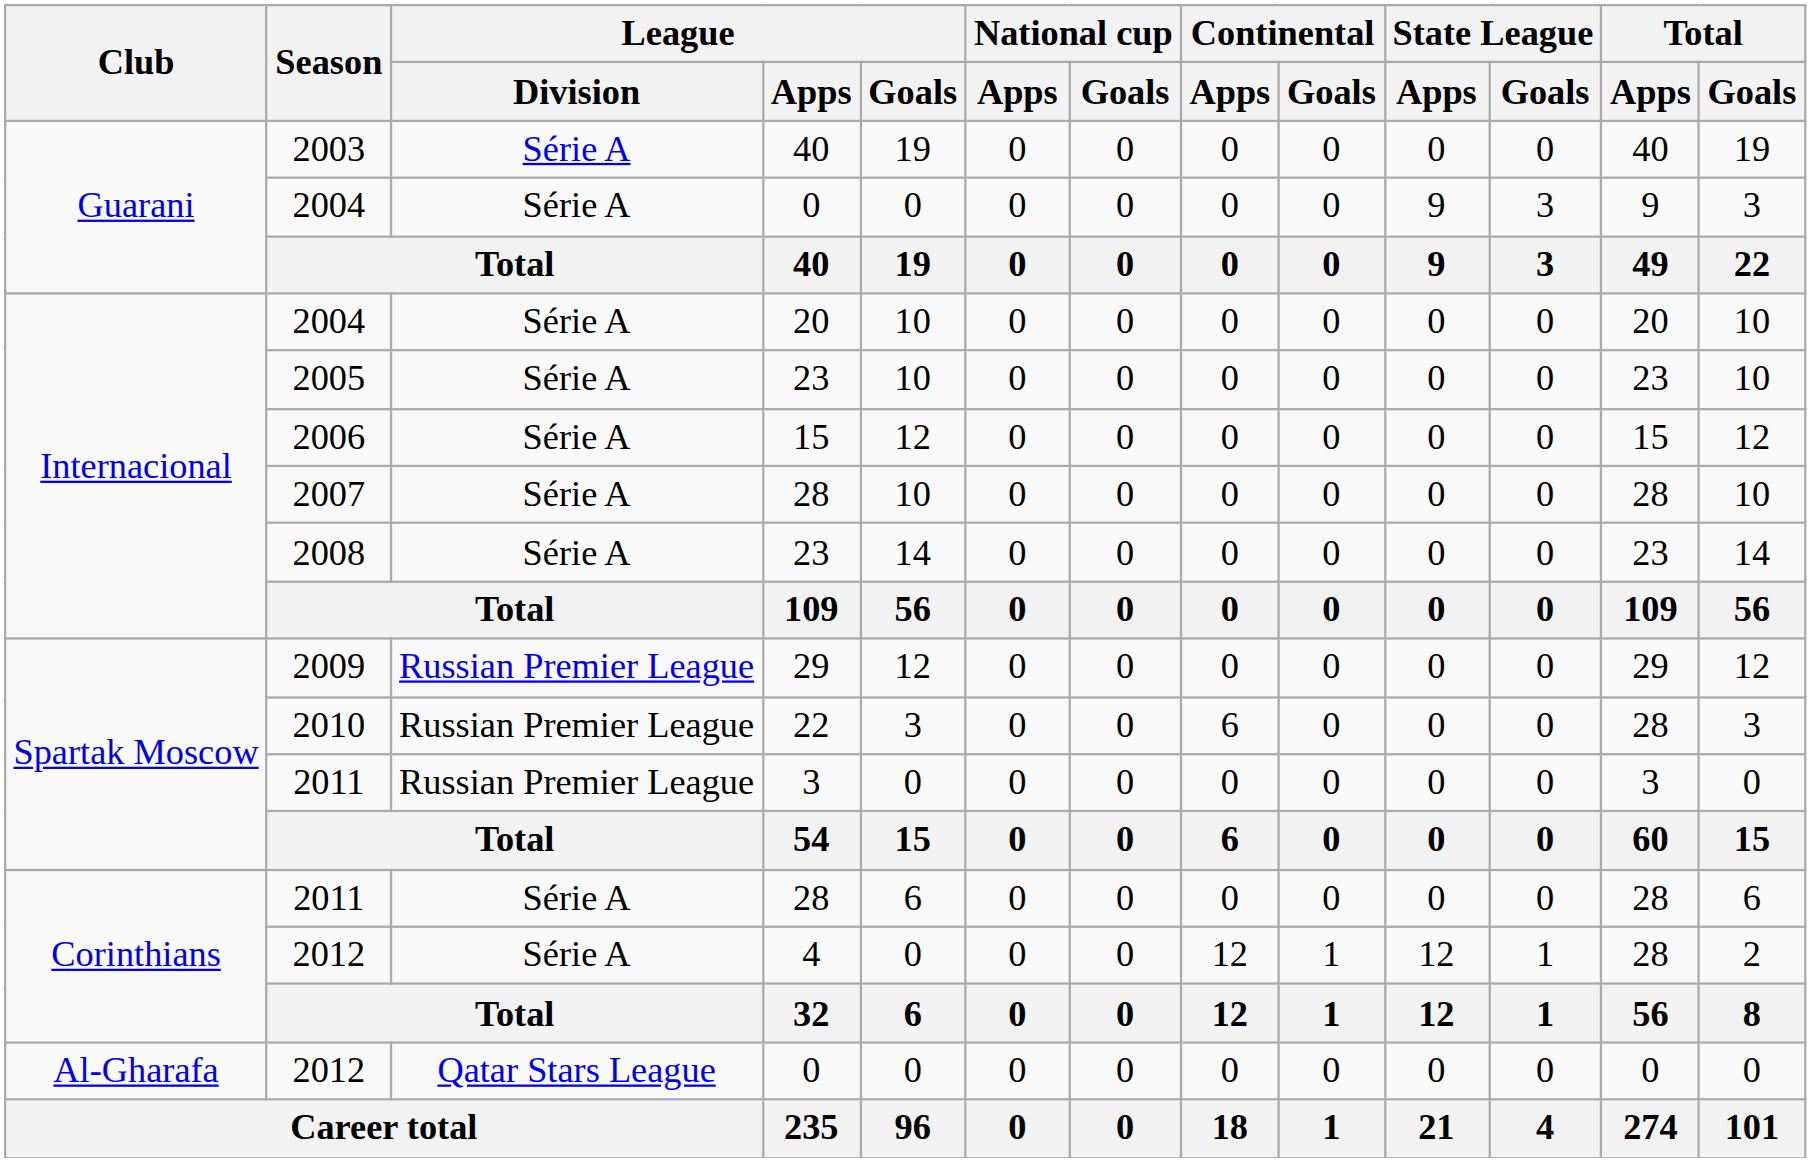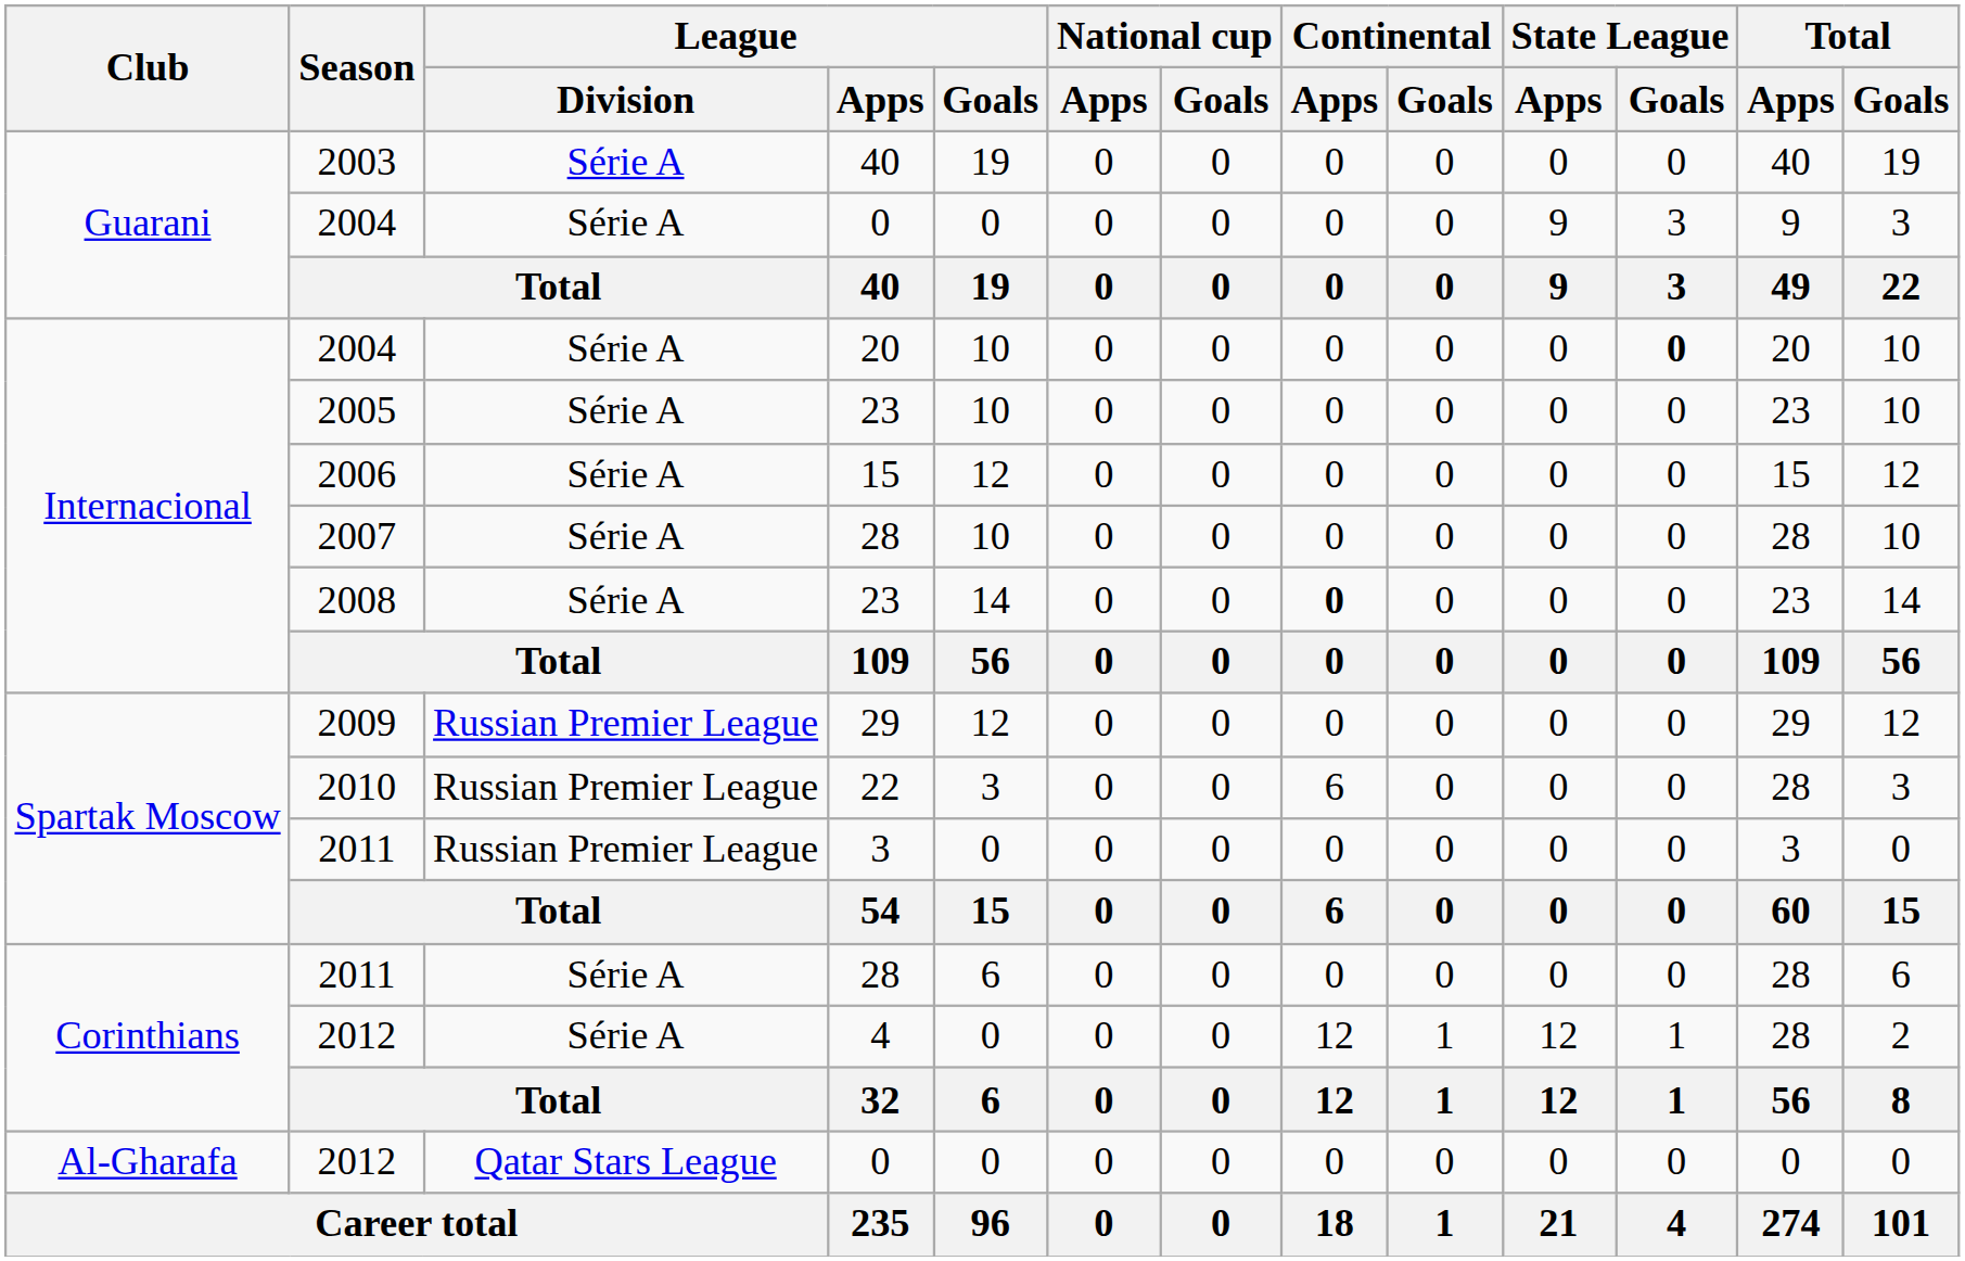 <table class="wikitable" style="text-align:center">
 <tr>
 <th rowspan="2">Club</th>
 <th rowspan="2">Season</th>
 <th colspan="3">League</th>
 <th colspan="2">National cup</th>
 <th colspan="2">Continental</th>
 <th colspan="2">State League</th>
 <th colspan="2">Total</th>
 </tr>
 <tr>
 <th>Division</th>
 <th>Apps</th>
 <th>Goals</th>
 <th>Apps</th>
 <th>Goals</th>
 <th>Apps</th>
 <th>Goals</th>
 <th>Apps</th>
 <th>Goals</th>
 <th>Apps</th>
 <th>Goals</th>
 </tr>
 <tr>
 <td rowspan="3"><a href='#'>Guarani</a></td>
 <td>2003</td>
 <td><a href='#'>Série A</a></td>
 <td>40</td>
 <td>19</td>
 <td>0</td>
 <td>0</td>
 <td>0</td>
 <td>0</td>
 <td>0</td>
 <td>0</td>
 <td>40</td>
 <td>19</td>
 </tr>
 <tr>
 <td>2004</td>
 <td>Série A</td>
 <td>0</td>
 <td>0</td>
 <td>0</td>
 <td>0</td>
 <td>0</td>
 <td>0</td>
 <td>9</td>
 <td>3</td>
 <td>9</td>
 <td>3</td>
 </tr>
 <tr>
 <th colspan="2">Total</th>
 <th>40</th>
 <th>19</th>
 <th>0</th>
 <th>0</th>
 <th>0</th>
 <th>0</th>
 <th>9</th>
 <th>3</th>
 <th>49</th>
 <th>22</th>
 </tr>
 <tr>
 <td rowspan="6"><a href='#'>Internacional</a></td>
 <td>2004</td>
 <td>Série A</td>
 <td>20</td>
 <td>10</td>
 <td>0</td>
 <td>0</td>
 <td>0</td>
 <td>0</td>
 <td>0</td>
-<td>0</td>
+<td><strong>0</strong></td>
 <td>20</td>
 <td>10</td>
 </tr>
 <tr>
 <td>2005 </td>
 <td>Série A</td>
 <td>23</td>
 <td>10</td>
 <td>0</td>
 <td>0</td>
 <td>0</td>
 <td>0</td>
 <td>0</td>
 <td>0</td>
 <td>23</td>
 <td>10</td>
 </tr>
 <tr>
 <td>2006</td>
 <td>Série A</td>
 <td>15</td>
 <td>12</td>
 <td>0</td>
 <td>0</td>
 <td>0</td>
 <td>0</td>
 <td>0</td>
 <td>0</td>
 <td>15</td>
 <td>12</td>
 </tr>
 <tr>
 <td>2007</td>
 <td>Série A</td>
 <td>28</td>
 <td>10</td>
 <td>0</td>
 <td>0</td>
 <td>0</td>
 <td>0</td>
 <td>0</td>
 <td>0</td>
 <td>28</td>
 <td>10</td>
 </tr>
 <tr>
 <td>2008</td>
 <td>Série A</td>
 <td>23</td>
 <td>14</td>
 <td>0</td>
 <td>0</td>
-<td>0</td>
+<td><strong>0</strong></td>
 <td>0</td>
 <td>0</td>
 <td>0</td>
 <td>23</td>
 <td>14</td>
 </tr>
 <tr>
 <th colspan="2">Total</th>
 <th>109</th>
 <th>56</th>
 <th>0</th>
 <th>0</th>
 <th>0</th>
 <th>0</th>
 <th>0</th>
 <th>0</th>
 <th>109</th>
 <th>56</th>
 </tr>
 <tr>
 <td rowspan="4"><a href='#'>Spartak Moscow</a></td>
 <td>2009</td>
 <td><a href='#'>Russian Premier League</a></td>
 <td>29</td>
 <td>12</td>
 <td>0</td>
 <td>0</td>
 <td>0</td>
 <td>0</td>
 <td>0</td>
 <td>0</td>
 <td>29</td>
 <td>12</td>
 </tr>
 <tr>
 <td>2010</td>
 <td>Russian Premier League</td>
 <td>22</td>
 <td>3</td>
 <td>0</td>
 <td>0</td>
 <td>6</td>
 <td>0</td>
 <td>0</td>
 <td>0</td>
 <td>28</td>
 <td>3</td>
 </tr>
 <tr>
 <td>2011</td>
 <td>Russian Premier League</td>
 <td>3</td>
 <td>0</td>
 <td>0</td>
 <td>0</td>
 <td>0</td>
 <td>0</td>
 <td>0</td>
 <td>0</td>
 <td>3</td>
 <td>0</td>
 </tr>
 <tr>
 <th colspan="2">Total</th>
 <th>54</th>
 <th>15</th>
 <th>0</th>
 <th>0</th>
 <th>6</th>
 <th>0</th>
 <th>0</th>
 <th>0</th>
 <th>60</th>
 <th>15</th>
 </tr>
 <tr>
 <td rowspan="3"><a href='#'>Corinthians</a></td>
 <td>2011</td>
 <td>Série A</td>
 <td>28</td>
 <td>6</td>
 <td>0</td>
 <td>0</td>
 <td>0</td>
 <td>0</td>
 <td>0</td>
 <td>0</td>
 <td>28</td>
 <td>6</td>
 </tr>
 <tr>
 <td>2012</td>
 <td>Série A</td>
 <td>4</td>
 <td>0</td>
 <td>0</td>
 <td>0</td>
 <td>12</td>
 <td>1</td>
 <td>12</td>
 <td>1</td>
 <td>28</td>
 <td>2</td>
 </tr>
 <tr>
 <th colspan="2">Total</th>
 <th>32</th>
 <th>6</th>
 <th>0</th>
 <th>0</th>
 <th>12</th>
 <th>1</th>
 <th>12</th>
 <th>1</th>
 <th>56</th>
 <th>8</th>
 </tr>
 <tr>
 <td><a href='#'>Al-Gharafa</a></td>
 <td>2012</td>
 <td><a href='#'>Qatar Stars League</a></td>
 <td>0</td>
 <td>0</td>
 <td>0</td>
 <td>0</td>
 <td>0</td>
 <td>0</td>
 <td>0</td>
 <td>0</td>
 <td>0</td>
 <td>0</td>
 </tr>
 <tr>
 <th colspan="3">Career total</th>
 <th>235</th>
 <th>96</th>
 <th>0</th>
 <th>0</th>
 <th>18</th>
 <th>1</th>
 <th>21</th>
 <th>4</th>
 <th>274</th>
 <th>101</th>
 </tr>
 </table>
